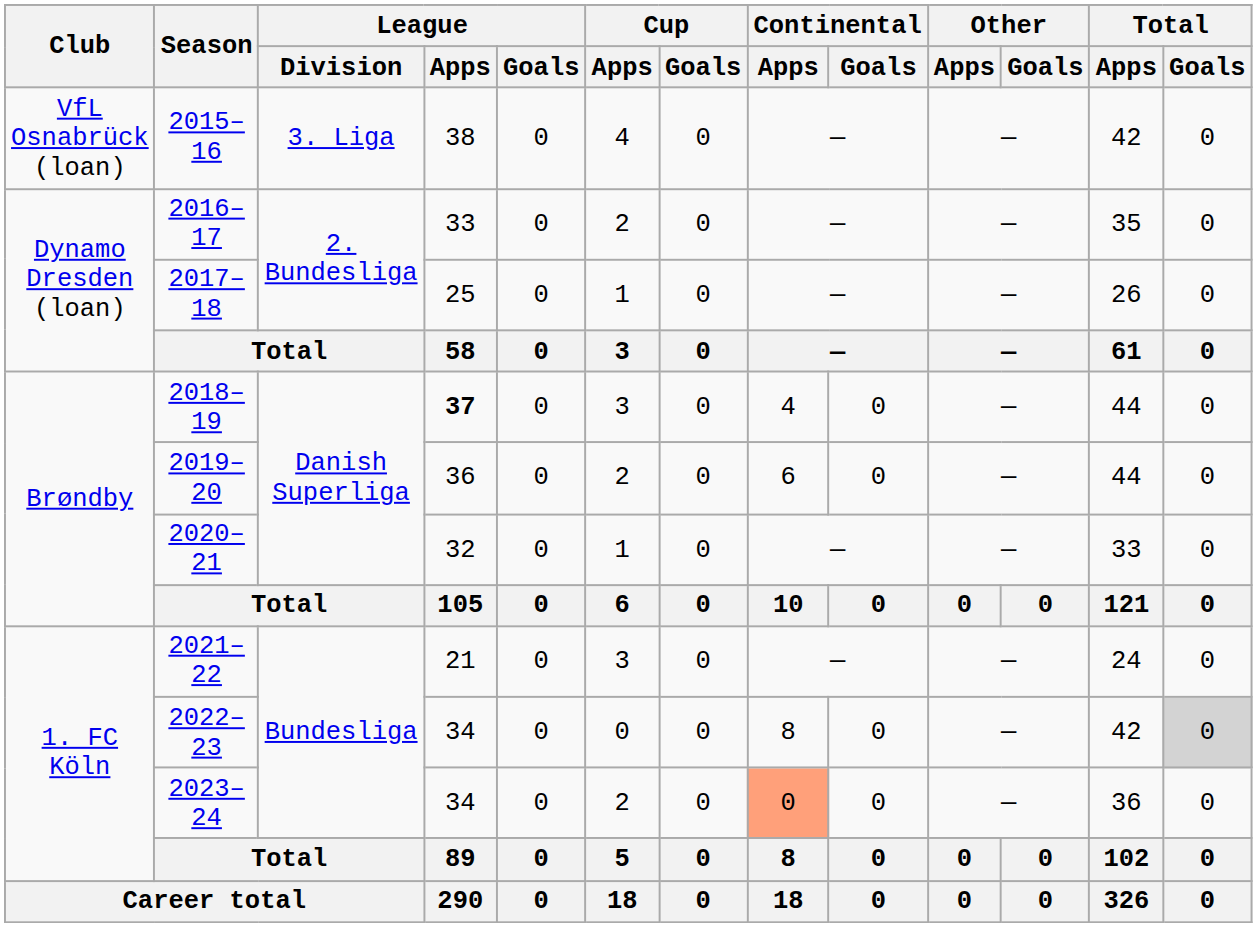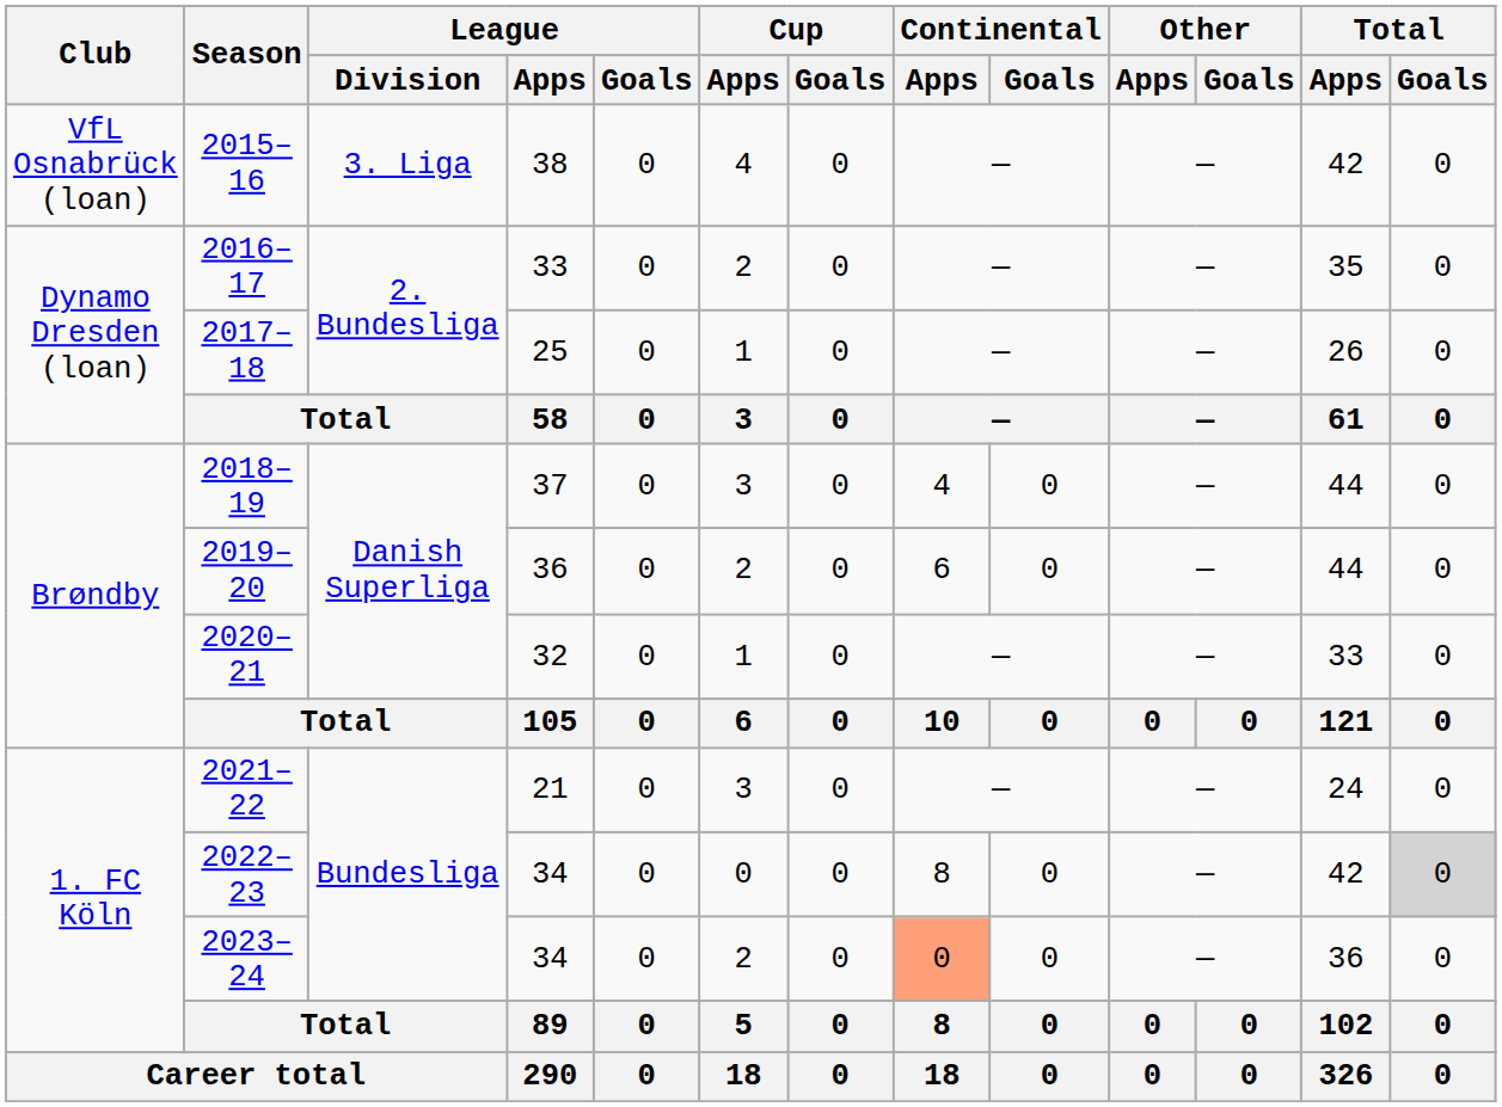 <table class="wikitable" style="text-align:center">
 <tr>
 <th rowspan="2">Club</th>
 <th rowspan="2">Season</th>
 <th colspan="3">League</th>
 <th colspan="2">Cup</th>
 <th colspan="2">Continental</th>
 <th colspan="2">Other</th>
 <th colspan="2">Total</th>
 </tr>
 <tr>
 <th>Division</th>
 <th>Apps</th>
 <th>Goals</th>
 <th>Apps</th>
 <th>Goals</th>
 <th>Apps</th>
 <th>Goals</th>
 <th>Apps</th>
 <th>Goals</th>
 <th>Apps</th>
 <th>Goals</th>
 </tr>
 <tr>
 <td><a href='#'>VfL Osnabrück</a> (loan)</td>
 <td><a href='#'>2015–16</a></td>
 <td><a href='#'>3. Liga</a></td>
 <td>38</td>
 <td>0</td>
 <td>4</td>
 <td>0</td>
 <td colspan="2">—</td>
 <td colspan="2">—</td>
 <td>42</td>
 <td>0</td>
 </tr>
 <tr>
 <td rowspan="3"><a href='#'>Dynamo Dresden</a> (loan)</td>
 <td><a href='#'>2016–17</a></td>
 <td rowspan="2"><a href='#'>2. Bundesliga</a></td>
 <td>33</td>
 <td>0</td>
 <td>2</td>
 <td>0</td>
 <td colspan="2">—</td>
 <td colspan="2">—</td>
 <td>35</td>
 <td>0</td>
 </tr>
 <tr>
 <td><a href='#'>2017–18</a></td>
 <td>25</td>
 <td>0</td>
 <td>1</td>
 <td>0</td>
 <td colspan="2">—</td>
 <td colspan="2">—</td>
 <td>26</td>
 <td>0</td>
 </tr>
 <tr>
 <th colspan="2">Total</th>
 <th>58</th>
 <th>0</th>
 <th>3</th>
 <th>0</th>
 <th colspan="2">—</th>
 <th colspan="2">—</th>
 <th>61</th>
 <th>0</th>
 </tr>
 <tr>
 <td rowspan="4"><a href='#'>Brøndby</a></td>
 <td><a href='#'>2018–19</a></td>
 <td rowspan="3"><a href='#'>Danish Superliga</a></td>
-<td><strong>37</strong></td>
+<td>37</td>
 <td>0</td>
 <td>3</td>
 <td>0</td>
 <td>4</td>
 <td>0</td>
 <td colspan="2">—</td>
 <td>44</td>
 <td>0</td>
 </tr>
 <tr>
 <td><a href='#'>2019–20</a></td>
 <td>36</td>
 <td>0</td>
 <td>2</td>
 <td>0</td>
 <td>6</td>
 <td>0</td>
 <td colspan="2">—</td>
 <td>44</td>
 <td>0</td>
 </tr>
 <tr>
 <td><a href='#'>2020–21</a></td>
 <td>32</td>
 <td>0</td>
 <td>1</td>
 <td>0</td>
 <td colspan="2">—</td>
 <td colspan="2">—</td>
 <td>33</td>
 <td>0</td>
 </tr>
 <tr>
 <th colspan="2">Total</th>
 <th>105</th>
 <th>0</th>
 <th>6</th>
 <th>0</th>
 <th>10</th>
 <th>0</th>
 <th>0</th>
 <th>0</th>
 <th>121</th>
 <th>0</th>
 </tr>
 <tr>
 <td rowspan="4"><a href='#'>1. FC Köln</a></td>
 <td><a href='#'>2021–22</a></td>
 <td rowspan="3"><a href='#'>Bundesliga</a></td>
 <td>21</td>
 <td>0</td>
 <td>3</td>
 <td>0</td>
 <td colspan="2">—</td>
 <td colspan="2">—</td>
 <td>24</td>
 <td>0</td>
 </tr>
 <tr>
 <td><a href='#'>2022–23</a></td>
 <td>34</td>
 <td>0</td>
 <td>0</td>
 <td>0</td>
 <td>8</td>
 <td>0</td>
 <td colspan="2">—</td>
 <td>42</td>
 <td style="background: lightgrey;">0</td>
 </tr>
 <tr>
 <td><a href='#'>2023–24</a></td>
 <td>34</td>
 <td>0</td>
 <td>2</td>
 <td>0</td>
 <td style="background: lightsalmon;">0</td>
 <td>0</td>
 <td colspan="2">—</td>
 <td>36</td>
 <td>0</td>
 </tr>
 <tr>
 <th colspan="2">Total</th>
 <th>89</th>
 <th>0</th>
 <th>5</th>
 <th>0</th>
 <th>8</th>
 <th>0</th>
 <th>0</th>
 <th>0</th>
 <th>102</th>
 <th>0</th>
 </tr>
 <tr>
 <th colspan="3">Career total</th>
 <th>290</th>
 <th>0</th>
 <th>18</th>
 <th>0</th>
 <th>18</th>
 <th>0</th>
 <th>0</th>
 <th>0</th>
 <th>326</th>
 <th>0</th>
 </tr>
 </table>
